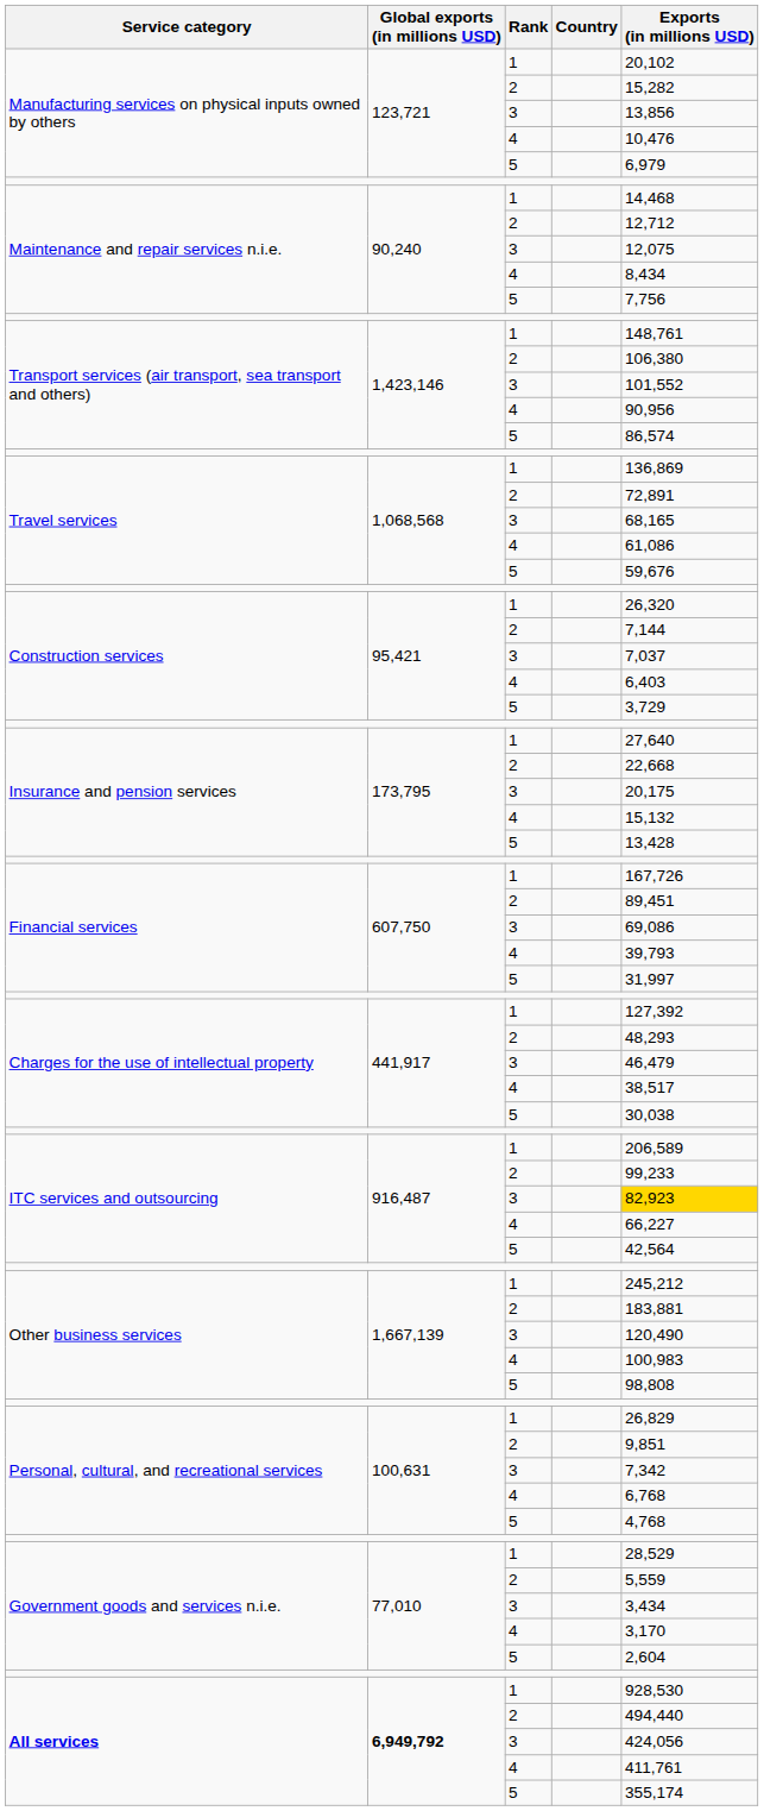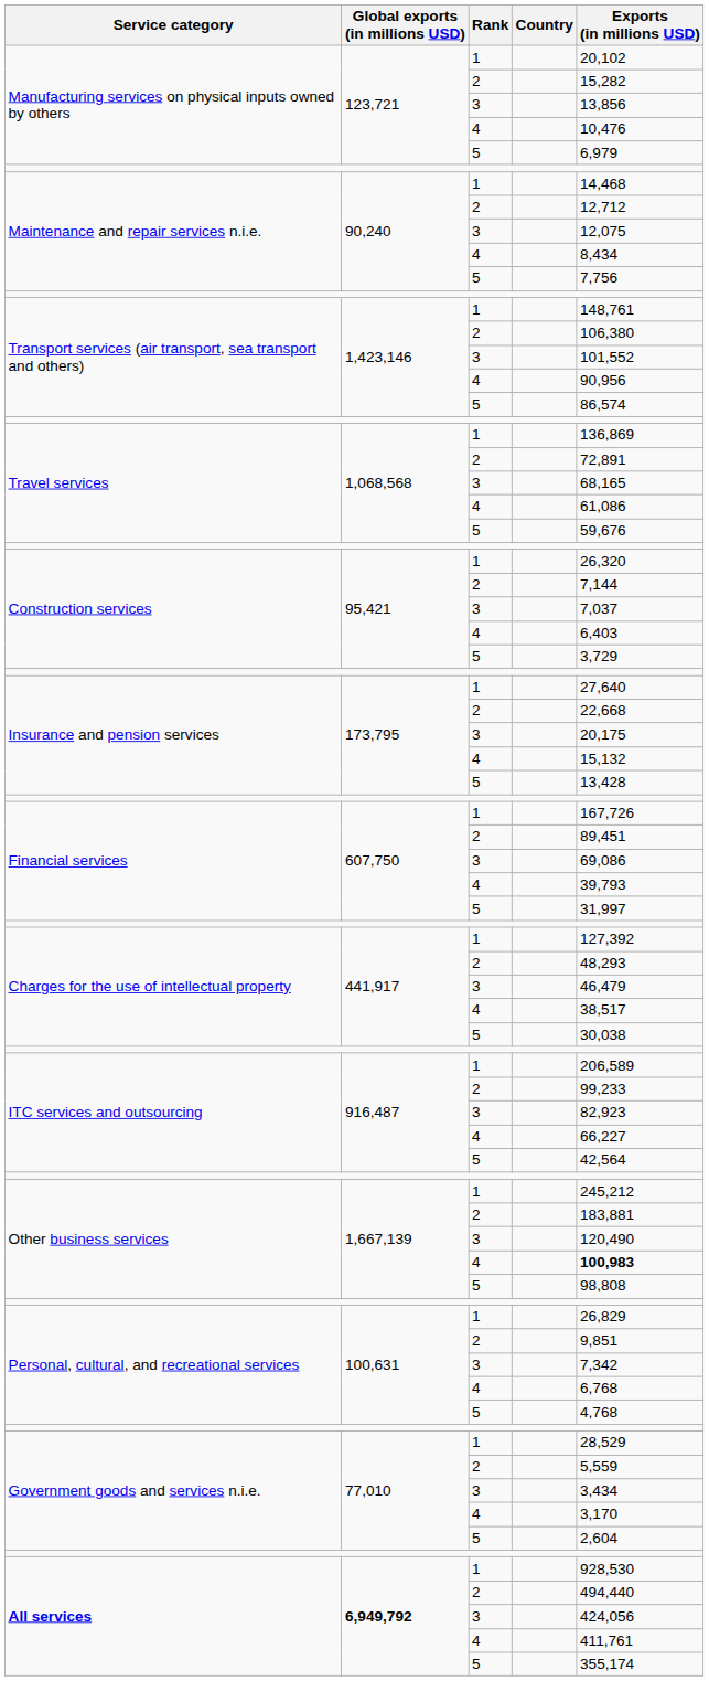 <table class="wikitable sortable">
 <tr>
 <th style="width:22em;">Service category</th>
 <th>Global exports<br>(in millions <a href='#'>USD</a>)</th>
 <th>Rank</th>
 <th>Country</th>
 <th>Exports<br>(in millions <a href='#'>USD</a>)</th>
 </tr>
 <tr>
 <td rowspan="5"><a href='#'>Manufacturing services</a> on physical inputs owned by others</td>
 <td rowspan="5">123,721</td>
 <td>1</td>
 <td></td>
 <td>20,102</td>
 </tr>
 <tr>
 <td>2</td>
 <td></td>
 <td>15,282</td>
 </tr>
 <tr>
 <td>3</td>
 <td></td>
 <td>13,856</td>
 </tr>
 <tr>
 <td>4</td>
 <td></td>
 <td>10,476</td>
 </tr>
 <tr>
 <td>5</td>
 <td></td>
 <td>6,979</td>
 </tr>
 <tr>
 <td colspan="5"></td>
 </tr>
 <tr>
 <td rowspan="5"><a href='#'>Maintenance</a> and <a href='#'>repair services</a> n.i.e.</td>
 <td rowspan="5">90,240</td>
 <td>1</td>
 <td></td>
 <td>14,468</td>
 </tr>
 <tr>
 <td>2</td>
 <td></td>
 <td>12,712</td>
 </tr>
 <tr>
 <td>3</td>
 <td></td>
 <td>12,075</td>
 </tr>
 <tr>
 <td>4</td>
 <td></td>
 <td>8,434</td>
 </tr>
 <tr>
 <td>5</td>
 <td></td>
 <td>7,756</td>
 </tr>
 <tr>
 <td colspan="5"></td>
 </tr>
 <tr>
 <td rowspan="5"><a href='#'>Transport services</a> (<a href='#'>air transport</a>, <a href='#'>sea transport</a> and others)</td>
 <td rowspan="5">1,423,146</td>
 <td>1</td>
 <td></td>
 <td>148,761</td>
 </tr>
 <tr>
 <td>2</td>
 <td></td>
 <td>106,380</td>
 </tr>
 <tr>
 <td>3</td>
 <td></td>
 <td>101,552</td>
 </tr>
 <tr>
 <td>4</td>
 <td></td>
 <td>90,956</td>
 </tr>
 <tr>
 <td>5</td>
 <td></td>
 <td>86,574</td>
 </tr>
 <tr>
 <td colspan="5"></td>
 </tr>
 <tr>
 <td rowspan="5"><a href='#'>Travel services</a></td>
 <td rowspan="5">1,068,568</td>
 <td>1</td>
 <td></td>
 <td>136,869</td>
 </tr>
 <tr>
 <td>2</td>
 <td></td>
 <td>72,891</td>
 </tr>
 <tr>
 <td>3</td>
 <td></td>
 <td>68,165</td>
 </tr>
 <tr>
 <td>4</td>
 <td></td>
 <td>61,086</td>
 </tr>
 <tr>
 <td>5</td>
 <td></td>
 <td>59,676</td>
 </tr>
 <tr>
 <td colspan="5"></td>
 </tr>
 <tr>
 <td rowspan="5"><a href='#'>Construction services</a></td>
 <td rowspan="5">95,421</td>
 <td>1</td>
 <td></td>
 <td>26,320</td>
 </tr>
 <tr>
 <td>2</td>
 <td></td>
 <td>7,144</td>
 </tr>
 <tr>
 <td>3</td>
 <td></td>
 <td>7,037</td>
 </tr>
 <tr>
 <td>4</td>
 <td></td>
 <td>6,403</td>
 </tr>
 <tr>
 <td>5</td>
 <td></td>
 <td>3,729</td>
 </tr>
 <tr>
 <td colspan="5"></td>
 </tr>
 <tr>
 <td rowspan="5"><a href='#'>Insurance</a> and <a href='#'>pension</a> services</td>
 <td rowspan="5">173,795</td>
 <td>1</td>
 <td></td>
 <td>27,640</td>
 </tr>
 <tr>
 <td>2</td>
 <td></td>
 <td>22,668</td>
 </tr>
 <tr>
 <td>3</td>
 <td></td>
 <td>20,175</td>
 </tr>
 <tr>
 <td>4</td>
 <td></td>
 <td>15,132</td>
 </tr>
 <tr>
 <td>5</td>
 <td></td>
 <td>13,428</td>
 </tr>
 <tr>
 <td colspan="5"></td>
 </tr>
 <tr>
 <td rowspan="5"><a href='#'>Financial services</a></td>
 <td rowspan="5">607,750</td>
 <td>1</td>
 <td></td>
 <td>167,726</td>
 </tr>
 <tr>
 <td>2</td>
 <td></td>
 <td>89,451</td>
 </tr>
 <tr>
 <td>3</td>
 <td></td>
 <td>69,086</td>
 </tr>
 <tr>
 <td>4</td>
 <td></td>
 <td>39,793</td>
 </tr>
 <tr>
 <td>5</td>
 <td></td>
 <td>31,997</td>
 </tr>
 <tr>
 <td colspan="5"></td>
 </tr>
 <tr>
 <td rowspan="5"><a href='#'>Charges for the use of intellectual property</a></td>
 <td rowspan="5">441,917</td>
 <td>1</td>
 <td></td>
 <td>127,392</td>
 </tr>
 <tr>
 <td>2</td>
 <td></td>
 <td>48,293</td>
 </tr>
 <tr>
 <td>3</td>
 <td></td>
 <td>46,479</td>
 </tr>
 <tr>
 <td>4</td>
 <td></td>
 <td>38,517</td>
 </tr>
 <tr>
 <td>5</td>
 <td></td>
 <td>30,038</td>
 </tr>
 <tr>
 <td colspan="5"></td>
 </tr>
 <tr>
 <td rowspan="5"><a href='#'>ITC services and outsourcing</a></td>
 <td rowspan="5">916,487</td>
 <td>1</td>
 <td></td>
 <td>206,589</td>
 </tr>
 <tr>
 <td>2</td>
 <td></td>
 <td>99,233</td>
 </tr>
 <tr>
 <td>3</td>
 <td></td>
-<td style="background: gold;">82,923</td>
+<td>82,923</td>
 </tr>
 <tr>
 <td>4</td>
 <td></td>
 <td>66,227</td>
 </tr>
 <tr>
 <td>5</td>
 <td></td>
 <td>42,564</td>
 </tr>
 <tr>
 <td colspan="5"></td>
 </tr>
 <tr>
 <td rowspan="5">Other <a href='#'>business services</a></td>
 <td rowspan="5">1,667,139</td>
 <td>1</td>
 <td></td>
 <td>245,212</td>
 </tr>
 <tr>
 <td>2</td>
 <td></td>
 <td>183,881</td>
 </tr>
 <tr>
 <td>3</td>
 <td></td>
 <td>120,490</td>
 </tr>
 <tr>
 <td>4</td>
 <td></td>
-<td>100,983</td>
+<td><strong>100,983</strong></td>
 </tr>
 <tr>
 <td>5</td>
 <td></td>
 <td>98,808</td>
 </tr>
 <tr>
 <td colspan="5"></td>
 </tr>
 <tr>
 <td rowspan="5"><a href='#'>Personal</a>, <a href='#'>cultural</a>, and <a href='#'>recreational services</a></td>
 <td rowspan="5">100,631</td>
 <td>1</td>
 <td></td>
 <td>26,829</td>
 </tr>
 <tr>
 <td>2</td>
 <td></td>
 <td>9,851</td>
 </tr>
 <tr>
 <td>3</td>
 <td></td>
 <td>7,342</td>
 </tr>
 <tr>
 <td>4</td>
 <td></td>
 <td>6,768</td>
 </tr>
 <tr>
 <td>5</td>
 <td></td>
 <td>4,768</td>
 </tr>
 <tr>
 <td colspan="5"></td>
 </tr>
 <tr>
 <td rowspan="5"><a href='#'>Government goods</a> and <a href='#'>services</a> n.i.e.</td>
 <td rowspan="5">77,010</td>
 <td>1</td>
 <td></td>
 <td>28,529</td>
 </tr>
 <tr>
 <td>2</td>
 <td></td>
 <td>5,559</td>
 </tr>
 <tr>
 <td>3</td>
 <td></td>
 <td>3,434</td>
 </tr>
 <tr>
 <td>4</td>
 <td></td>
 <td>3,170</td>
 </tr>
 <tr>
 <td>5</td>
 <td></td>
 <td>2,604</td>
 </tr>
 <tr>
 <td colspan="5"></td>
 </tr>
 <tr>
 <td rowspan="5"><strong><a href='#'>All services</a></strong></td>
 <td rowspan="5"><strong>6,949,792</strong></td>
 <td>1</td>
 <td></td>
 <td>928,530</td>
 </tr>
 <tr>
 <td>2</td>
 <td></td>
 <td>494,440</td>
 </tr>
 <tr>
 <td>3</td>
 <td></td>
 <td>424,056</td>
 </tr>
 <tr>
 <td>4</td>
 <td></td>
 <td>411,761</td>
 </tr>
 <tr>
 <td>5</td>
 <td></td>
 <td>355,174</td>
 </tr>
 </table>
